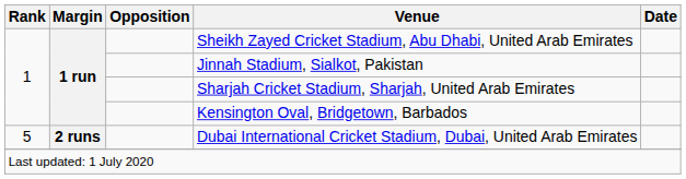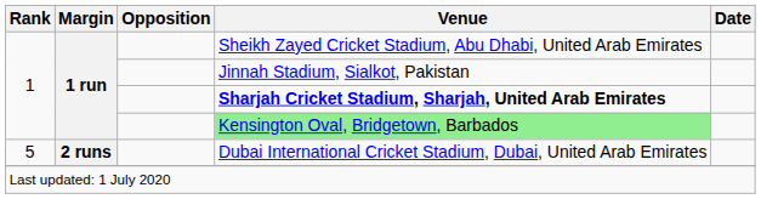 <table class="wikitable plainrowheaders sortable">
 <tr>
 <th scope=col>Rank</th>
 <th scope=col>Margin</th>
 <th scope=col>Opposition</th>
 <th scope=col>Venue</th>
 <th scope=col>Date</th>
 </tr>
 <tr>
 <td align=center rowspan=4>1</td>
 <th scope=row style="text-align:center;" rowspan=4>1 run</th>
 <td></td>
 <td><a href='#'>Sheikh Zayed Cricket Stadium</a>, <a href='#'>Abu Dhabi</a>, United Arab Emirates</td>
 <td></td>
 </tr>
 <tr>
 <td></td>
 <td><a href='#'>Jinnah Stadium</a>, <a href='#'>Sialkot</a>, Pakistan</td>
 <td></td>
 </tr>
 <tr>
 <td></td>
-<td><a href='#'>Sharjah Cricket Stadium</a>, <a href='#'>Sharjah</a>, United Arab Emirates</td>
+<td><strong><a href='#'>Sharjah Cricket Stadium</a>, <a href='#'>Sharjah</a>, United Arab Emirates</strong></td>
 <td></td>
 </tr>
 <tr>
 <td></td>
-<td><a href='#'>Kensington Oval</a>, <a href='#'>Bridgetown</a>, Barbados</td>
+<td style="background: lightgreen;"><a href='#'>Kensington Oval</a>, <a href='#'>Bridgetown</a>, Barbados</td>
 <td></td>
 </tr>
 <tr>
 <td align=center>5</td>
 <th scope=row style=text-align:center;>2 runs</th>
 <td></td>
 <td><a href='#'>Dubai International Cricket Stadium</a>, <a href='#'>Dubai</a>, United Arab Emirates</td>
 <td></td>
 </tr>
 <tr>
 </tr>
 <tr class=sortbottom>
 <td colspan=5><small>Last updated: 1 July 2020</small></td>
 </tr>
 </table>
